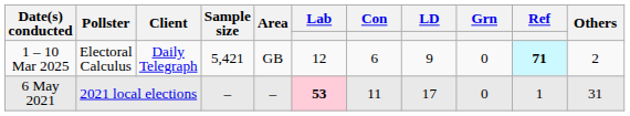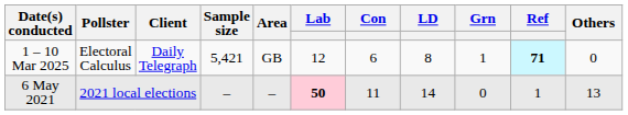 <table class="wikitable sortable mw-datatable" style="text-align:center; font-size:90%; line-height:14px;">
 <tr>
 <th rowspan="2">Date(s)<br>conducted</th>
 <th rowspan="2">Pollster</th>
 <th rowspan="2">Client</th>
 <th rowspan="2" data-sort-type="number">Sample<br>size</th>
 <th rowspan="2">Area</th>
 <th class="unsortable" style="width:50px;"><a href='#'>Lab</a></th>
 <th class="unsortable" style="width:50px;"><a href='#'>Con</a></th>
 <th class="unsortable" style="width:50px;"><a href='#'>LD</a></th>
 <th class="unsortable" style="width:50px;"><a href='#'>Grn</a></th>
 <th class="unsortable" style="width:50px;"><a href='#'>Ref</a></th>
 <th rowspan="2" class="unsortable" style="width:50px;">Others</th>
 </tr>
 <tr>
 <th data-sort-type="number" style="background:"></th>
 <th data-sort-type="number" style="background:"></th>
 <th data-sort-type="number" style="background:"></th>
 <th data-sort-type="number" style="background:"></th>
 <th data-sort-type="number" style="background:"></th>
 </tr>
 <tr>
 <td data-sort-value="2025-03-10">1 – 10 Mar 2025</td>
 <td>Electoral Calculus</td>
 <td><a href='#'>Daily Telegraph</a></td>
 <td>5,421</td>
 <td>GB</td>
 <td>12</td>
 <td>6</td>
-<td>9</td>
+<td>8</td>
+<td>1</td>
+<td style="background:#ccf8ff;"><strong>71</strong></td>
 <td>0</td>
-<td style="background:#ccf8ff;"><strong>71</strong></td>
-<td>2</td>
 </tr>
 <tr>
 <td style="background:#e9e9e9;">6 May 2021</td>
 <td colspan="2" style="background:#e9e9e9;"><a href='#'>2021 local elections</a></td>
 <td style="background:#e9e9e9;">–</td>
 <td style="background:#e9e9e9;">–</td>
-<td style="background:#ffccd9;"><strong>53</strong></td>
+<td style="background:#ffccd9;"><strong>50</strong></td>
 <td style="background:#e9e9e9;">11</td>
-<td style="background:#e9e9e9;">17</td>
+<td style="background:#e9e9e9;">14</td>
 <td style="background:#e9e9e9;">0</td>
 <td style="background:#e9e9e9;">1</td>
-<td style="background:#e9e9e9;">31</td>
+<td style="background:#e9e9e9;">13</td>
 </tr>
 </table>
